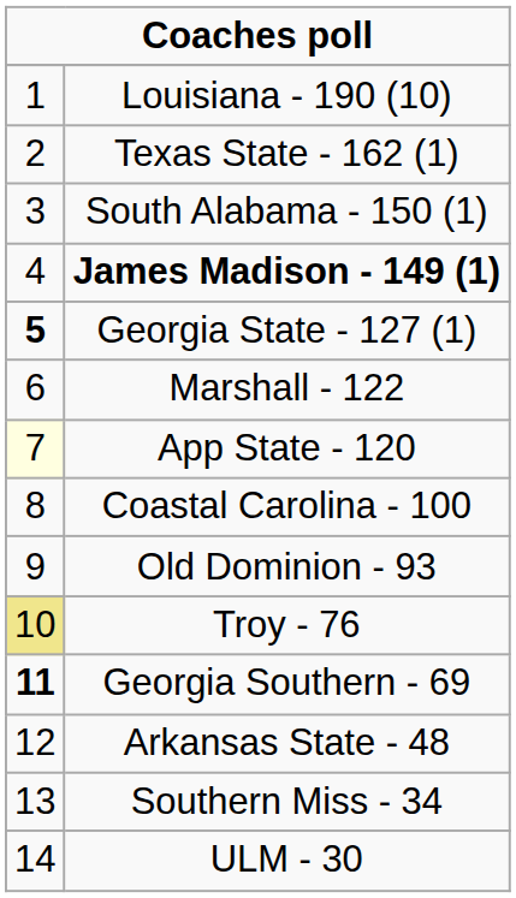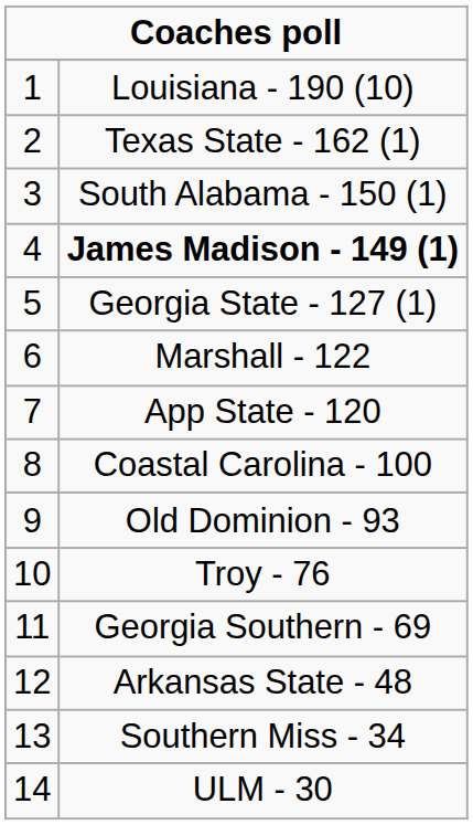 <table class="wikitable" style="display: inline-table;">
 <tr>
 <td align="center" Colspan="3"><strong>Coaches poll</strong></td>
 </tr>
 <tr align="center">
 </tr>
 <tr align="center">
 <td>1</td>
 <td>Louisiana - 190 (10)</td>
 </tr>
 <tr align="center">
 <td>2</td>
 <td>Texas State - 162 (1)</td>
 </tr>
 <tr align="center">
 <td>3</td>
 <td>South Alabama - 150 (1)</td>
 </tr>
 <tr align="center">
 <td>4</td>
 <td><strong>James Madison - 149 (1)</strong></td>
 </tr>
 <tr align="center">
-<td><strong>5</strong></td>
+<td>5</td>
 <td>Georgia State - 127 (1)</td>
 </tr>
 <tr align="center">
 <td>6</td>
 <td>Marshall - 122</td>
 </tr>
 <tr align="center">
-<td style="background: lightyellow;">7</td>
+<td>7</td>
 <td>App State - 120</td>
 </tr>
 <tr align="center">
 <td>8</td>
 <td>Coastal Carolina - 100</td>
 </tr>
 <tr align="center">
 <td>9</td>
 <td>Old Dominion - 93</td>
 </tr>
 <tr align="center">
-<td style="background: khaki;">10</td>
+<td>10</td>
 <td>Troy - 76</td>
 </tr>
 <tr align="center">
-<td><strong>11</strong></td>
+<td>11</td>
 <td>Georgia Southern - 69</td>
 </tr>
 <tr align="center">
 <td>12</td>
 <td>Arkansas State - 48</td>
 </tr>
 <tr align="center">
 <td>13</td>
 <td>Southern Miss - 34</td>
 </tr>
 <tr align="center">
 <td>14</td>
 <td>ULM - 30</td>
 </tr>
 </table>
